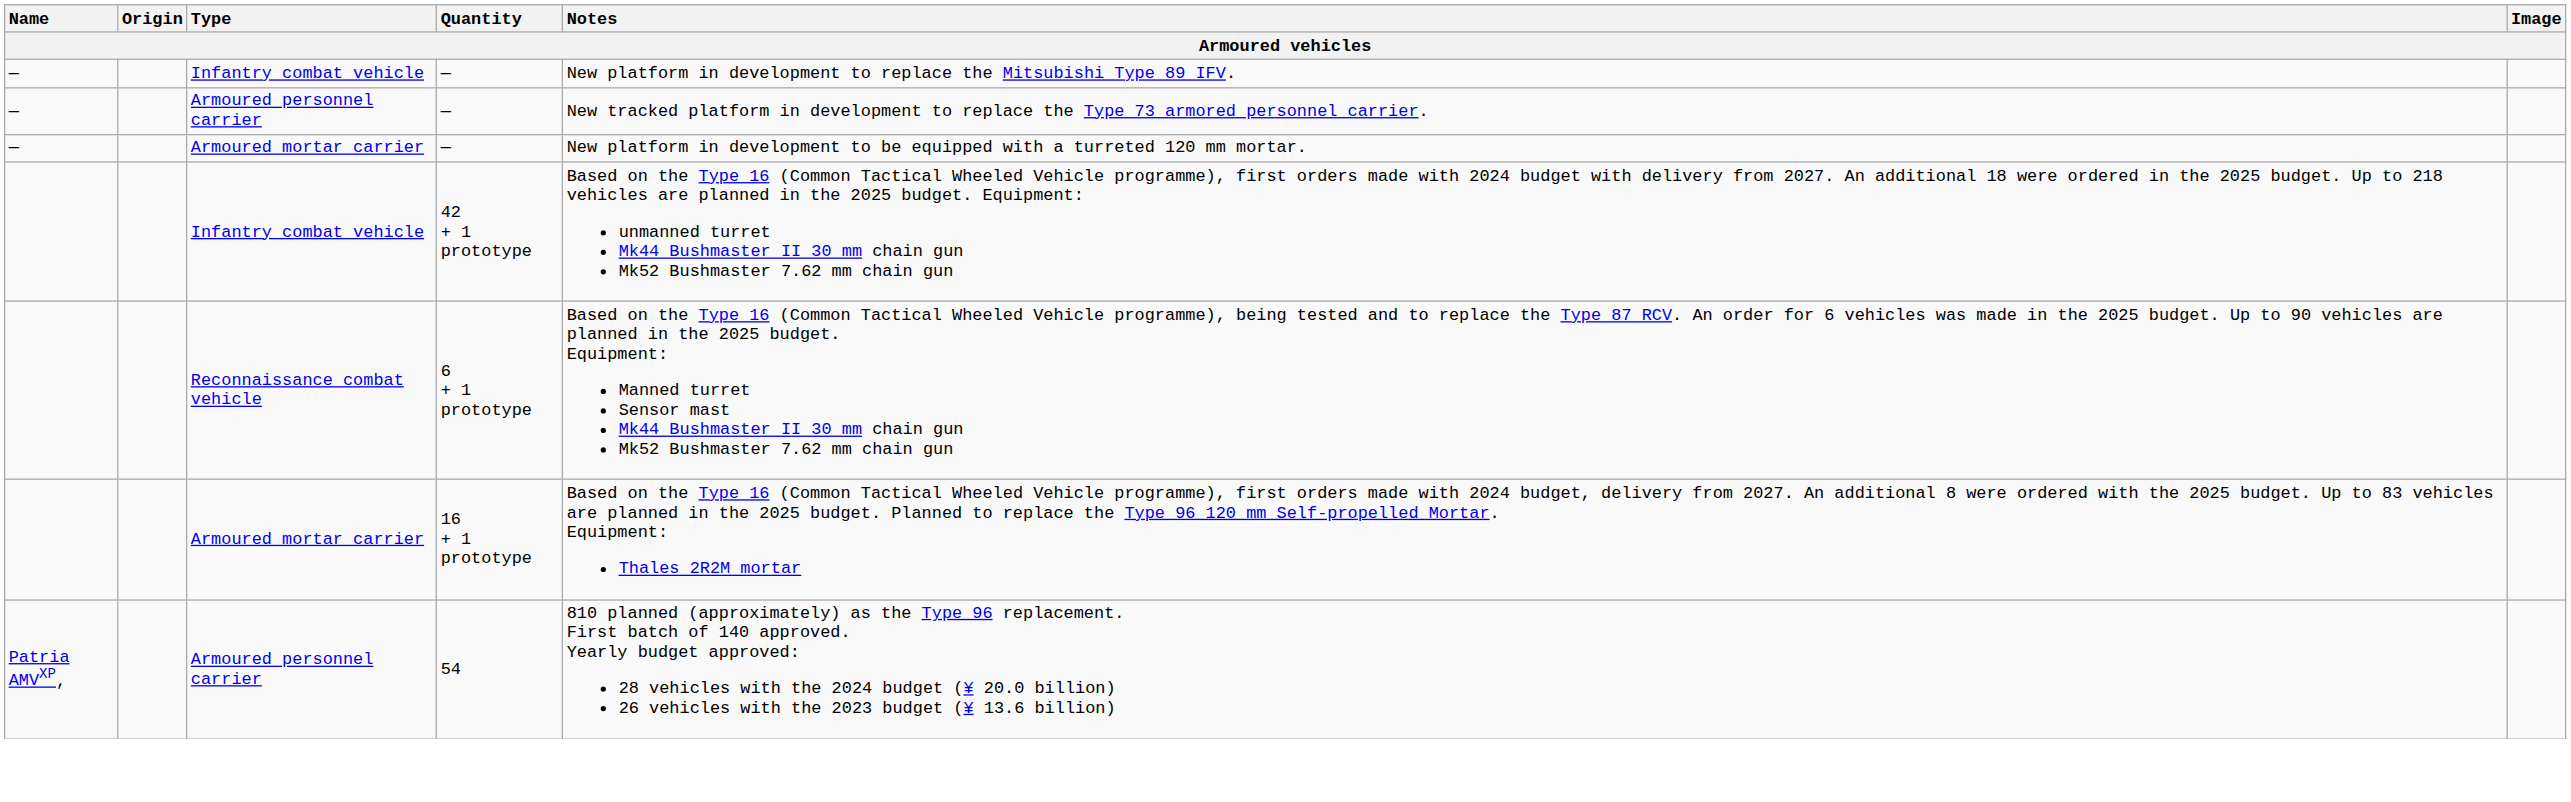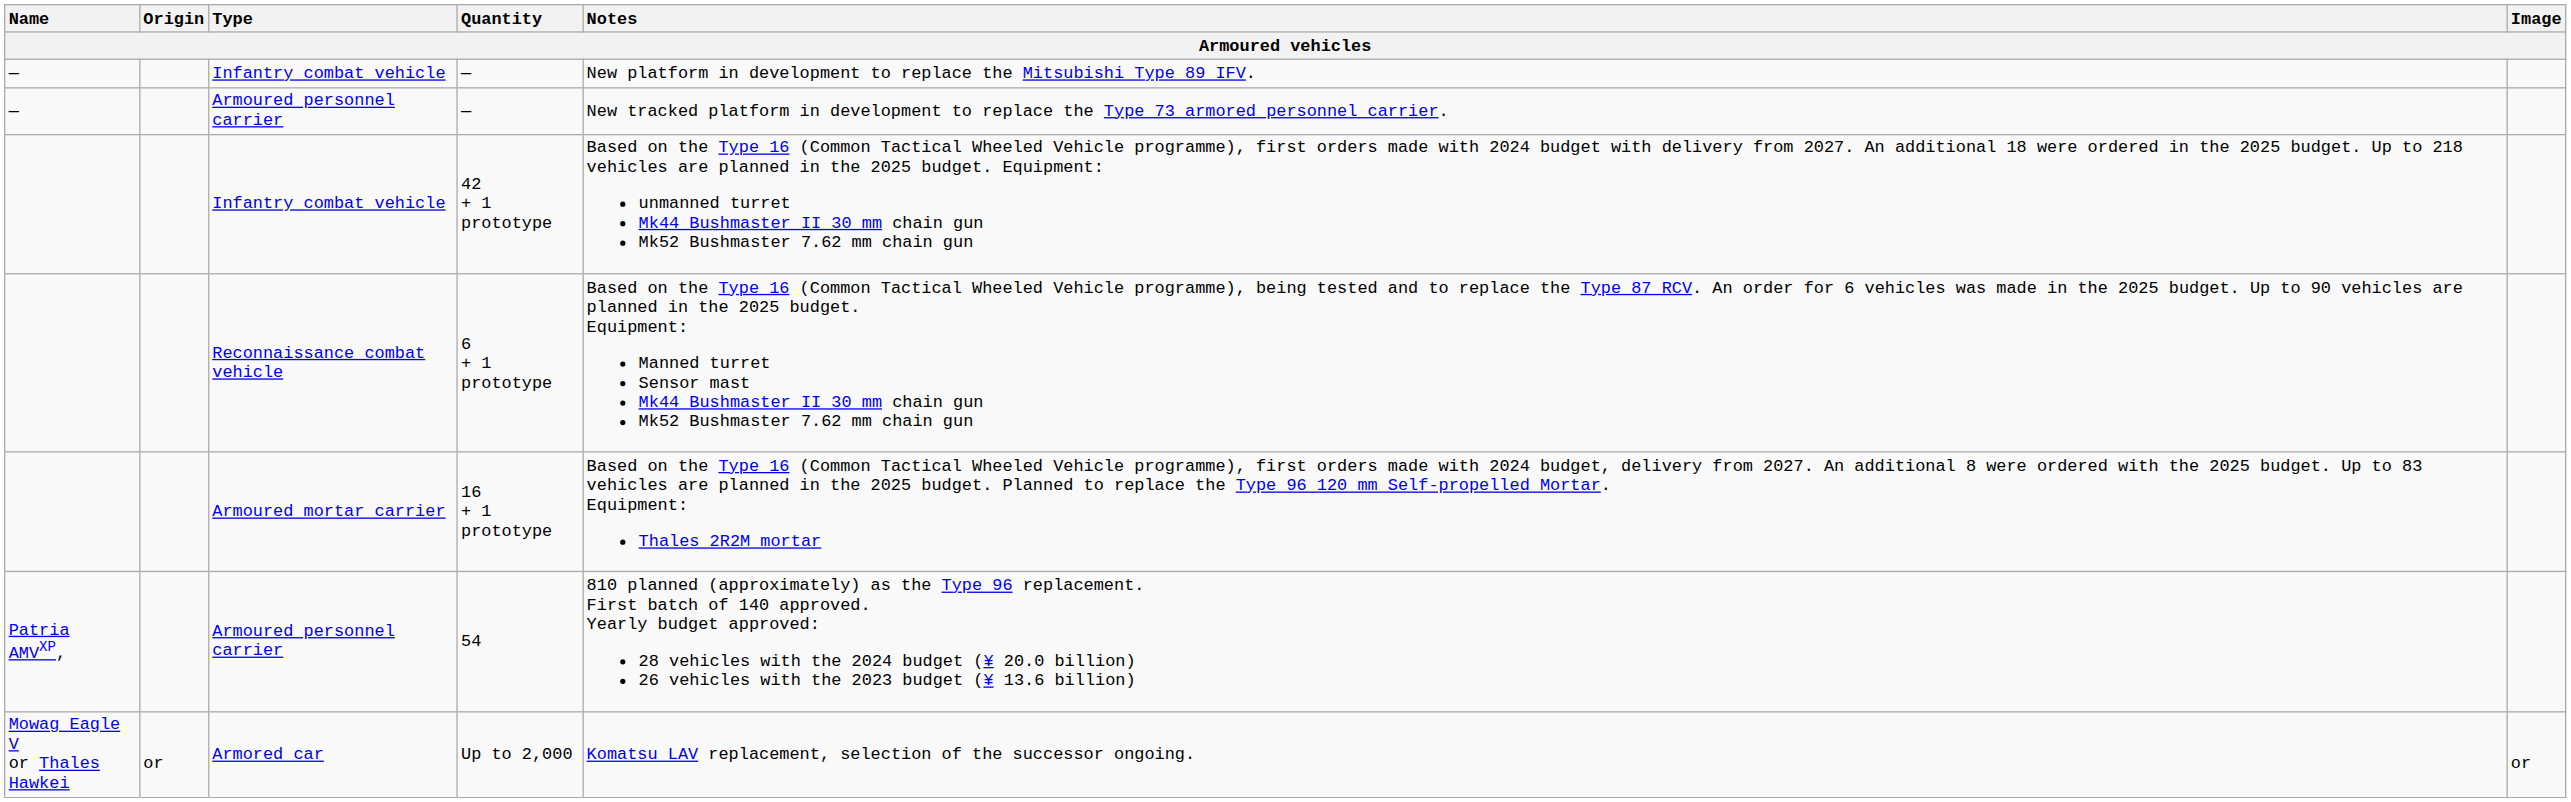 <table class="wikitable">
 <tr>
 <th style="text-align: left;">Name</th>
 <th style="text-align: left;">Origin</th>
 <th style="text-align: left;">Type</th>
 <th style="text-align: left;">Quantity</th>
 <th style="text-align: left;">Notes</th>
 <th style="text-align: left;">Image</th>
 </tr>
 <tr>
 <th colspan="6" style="align: center;">Armoured vehicles</th>
 </tr>
 <tr>
 <td>—</td>
 <td></td>
 <td><a href='#'>Infantry combat vehicle</a></td>
 <td>—</td>
 <td>New platform in development to replace the <a href='#'>Mitsubishi Type 89 IFV</a>.</td>
 <td></td>
 </tr>
 <tr>
 <td>—</td>
 <td></td>
 <td><a href='#'>Armoured personnel carrier</a></td>
 <td>—</td>
 <td>New tracked platform in development to replace the <a href='#'>Type 73 armored personnel carrier</a>.</td>
-<td></td>
-</tr>
-<tr>
-<td>—</td>
-<td></td>
-<td><a href='#'>Armoured mortar carrier</a></td>
-<td>—</td>
-<td>New platform in development to be equipped with a turreted 120 mm mortar.</td>
 <td></td>
 </tr>
 <tr>
 <td></td>
 <td></td>
 <td><a href='#'>Infantry combat vehicle</a></td>
 <td>42<br>+ 1 prototype</td>
 <td>Based on the <a href='#'>Type 16</a> (Common Tactical Wheeled Vehicle programme), first orders made with 2024 budget with delivery from 2027. An additional 18 were ordered in the 2025 budget. Up to 218 vehicles are planned in the 2025 budget.  Equipment:<br><ul><li>unmanned turret</li><li><a href='#'>Mk44 Bushmaster II 30 mm</a> chain gun</li><li>Mk52 Bushmaster 7.62 mm chain gun</li></ul></td>
 <td></td>
 </tr>
 <tr>
 <td></td>
 <td></td>
 <td><a href='#'>Reconnaissance combat vehicle</a></td>
 <td>6<br>+ 1 prototype</td>
 <td>Based on the <a href='#'>Type 16</a> (Common Tactical Wheeled Vehicle programme), being tested and to replace the <a href='#'>Type 87 RCV</a>. An order for 6 vehicles was made in the 2025 budget. Up to 90 vehicles are planned in the 2025 budget.<br>Equipment:<ul><li>Manned turret</li><li>Sensor mast</li><li><a href='#'>Mk44 Bushmaster II 30 mm</a> chain gun</li><li>Mk52 Bushmaster 7.62 mm chain gun</li></ul></td>
 <td></td>
 </tr>
 <tr>
 <td></td>
 <td></td>
 <td><a href='#'>Armoured mortar carrier</a></td>
 <td>16<br>+ 1 prototype</td>
 <td>Based on the <a href='#'>Type 16</a> (Common Tactical Wheeled Vehicle programme), first orders made with 2024 budget, delivery from 2027. An additional 8 were ordered with the 2025 budget. Up to 83 vehicles are planned in the 2025 budget.  Planned to replace the <a href='#'>Type 96 120 mm Self-propelled Mortar</a>.<br>Equipment:<ul><li><a href='#'>Thales 2R2M mortar</a></li></ul></td>
 <td></td>
 </tr>
 <tr>
 <td><a href='#'>Patria AMV<sup>XP</sup></a>,</td>
 <td></td>
 <td><a href='#'>Armoured personnel carrier</a></td>
 <td>54</td>
 <td>810 planned (approximately) as the <a href='#'>Type 96</a> replacement.<br>First batch of 140 approved. <br>Yearly budget approved:<ul><li>28 vehicles with the 2024 budget (<a href='#'>¥</a> 20.0 billion)</li><li>26 vehicles with the 2023 budget (<a href='#'>¥</a> 13.6 billion)</li></ul></td>
 <td></td>
 </tr>
+<tr>
+<td><a href='#'>Mowag Eagle V</a><br>or <a href='#'>Thales Hawkei</a></td>
+<td><br>or<br></td>
+<td><a href='#'>Armored car</a></td>
+<td>Up to 2,000</td>
+<td><a href='#'>Komatsu LAV</a> replacement, selection of the successor ongoing.<br></td>
+<td><br>or </td>
+</tr>
 </table>
